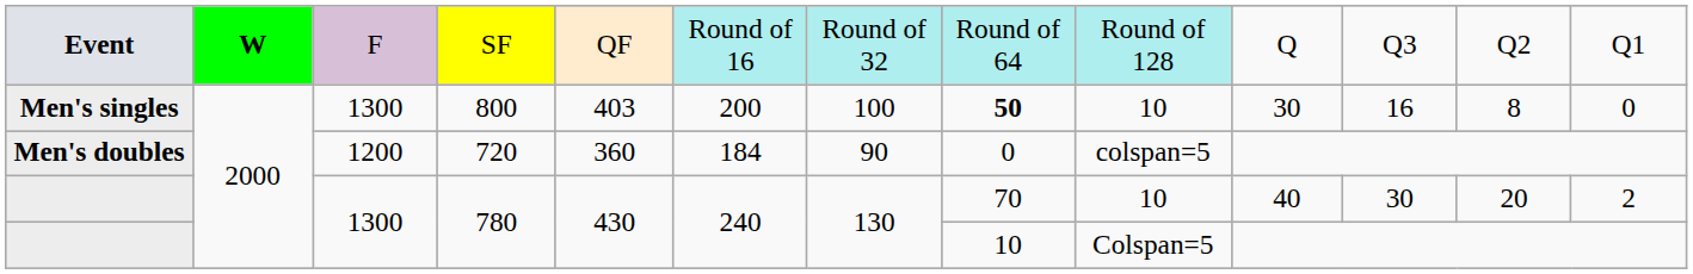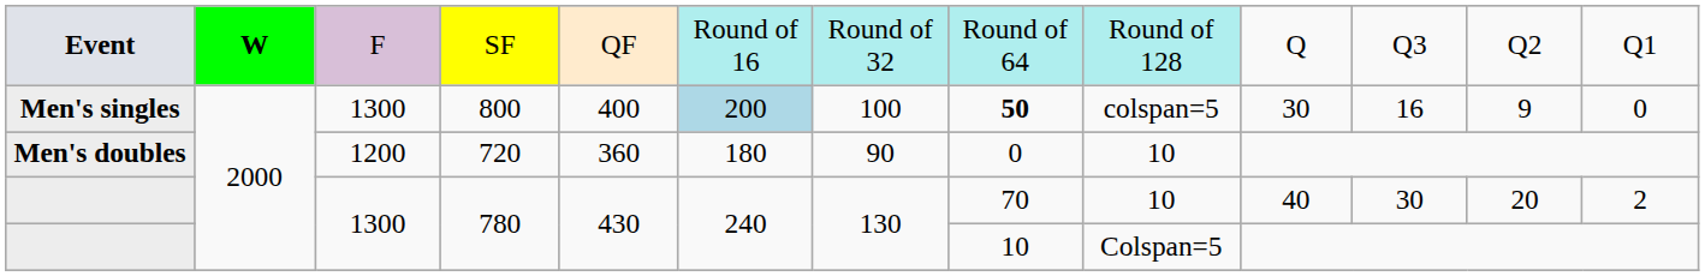 <table class="wikitable" style="font-size:90%;text-align:center">
 <tr>
 <td style="width:130px; background:#dfe2e9;"><strong>Event</strong></td>
 <td style="width:80px; background:lime;"><strong>W</strong></td>
 <td style="width:85px; background:thistle;">F</td>
 <td style="width:85px; background:#ff0;">SF</td>
 <td style="width:85px; background:#ffebcd;">QF</td>
 <td style="width:85px; background:#afeeee;">Round of 16</td>
 <td style="width:85px; background:#afeeee;">Round of 32</td>
 <td style="width:85px; background:#afeeee;">Round of 64</td>
 <td style="width:85px; background:#afeeee;">Round of 128</td>
 <td style="width:85px;">Q</td>
 <td style="width:85px;">Q3</td>
 <td style="width:85px;">Q2</td>
 <td style="width:85px;">Q1</td>
 </tr>
 <tr>
 <th style="background:#ededed;">Men's singles</th>
 <td rowspan="4">2000</td>
 <td>1300</td>
 <td>800</td>
-<td>403</td>
-<td>200</td>
+<td>400</td>
+<td style="background: lightblue;">200</td>
 <td>100</td>
 <td><strong>50</strong></td>
-<td>10</td>
+<td>colspan=5 </td>
 <td>30</td>
 <td>16</td>
-<td>8</td>
+<td>9</td>
 <td>0</td>
 </tr>
 <tr>
 <th style="background:#ededed;">Men's doubles</th>
 <td>1200</td>
 <td>720</td>
 <td>360</td>
-<td>184</td>
+<td>180</td>
 <td>90</td>
 <td>0</td>
-<td>colspan=5 </td>
+<td>10</td>
 </tr>
 <tr>
 <th style="background:#ededed;"></th>
 <td rowspan="2">1300</td>
 <td rowspan="2">780</td>
 <td rowspan="2">430</td>
 <td rowspan="2">240</td>
 <td rowspan="2">130</td>
 <td>70</td>
 <td>10</td>
 <td>40</td>
 <td>30</td>
 <td>20</td>
 <td>2</td>
 </tr>
 <tr>
 <th style="background:#ededed;"></th>
 <td>10</td>
 <td>Colspan=5 </td>
 </tr>
 </table>
